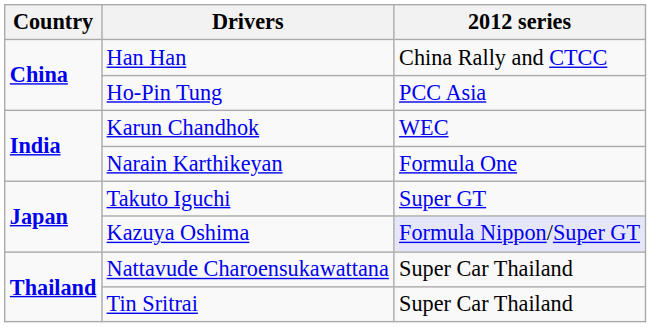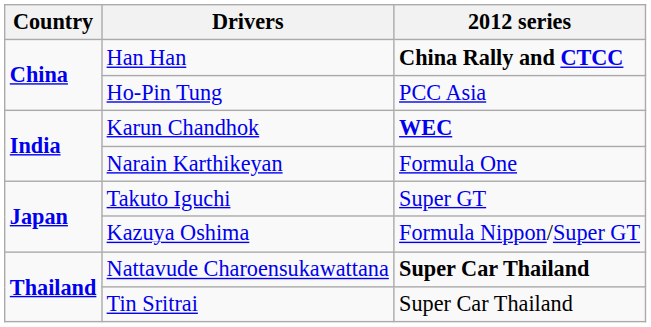 <table class="wikitable">
 <tr>
 <th>Country</th>
 <th>Drivers</th>
 <th>2012 series</th>
 </tr>
 <tr>
 <td rowspan=2><strong><a href='#'>China</a></strong></td>
 <td> <a href='#'>Han Han</a></td>
-<td>China Rally and <a href='#'>CTCC</a></td>
+<td><strong>China Rally and <a href='#'>CTCC</a></strong></td>
 </tr>
 <tr>
 <td> <a href='#'>Ho-Pin Tung</a></td>
 <td><a href='#'>PCC Asia</a></td>
 </tr>
 <tr>
 <td rowspan=2><strong><a href='#'>India</a></strong></td>
 <td> <a href='#'>Karun Chandhok</a></td>
-<td><a href='#'>WEC</a></td>
+<td><strong><a href='#'>WEC</a></strong></td>
 </tr>
 <tr>
 <td> <a href='#'>Narain Karthikeyan</a></td>
 <td><a href='#'>Formula One</a></td>
 </tr>
 <tr>
 <td rowspan=2><strong><a href='#'>Japan</a></strong></td>
 <td> <a href='#'>Takuto Iguchi</a></td>
 <td><a href='#'>Super GT</a></td>
 </tr>
 <tr>
 <td> <a href='#'>Kazuya Oshima</a></td>
-<td style="background: lavender;"><a href='#'>Formula Nippon</a>/<a href='#'>Super GT</a></td>
+<td><a href='#'>Formula Nippon</a>/<a href='#'>Super GT</a></td>
 </tr>
 <tr>
 <td rowspan=2><strong><a href='#'>Thailand</a></strong></td>
 <td> <a href='#'>Nattavude Charoensukawattana</a></td>
-<td>Super Car Thailand</td>
+<td><strong>Super Car Thailand</strong></td>
 </tr>
 <tr>
 <td> <a href='#'>Tin Sritrai</a></td>
 <td>Super Car Thailand</td>
 </tr>
 </table>
